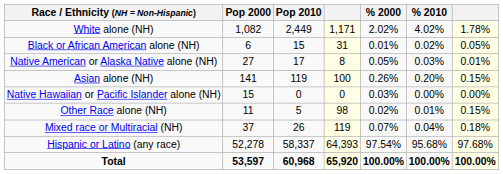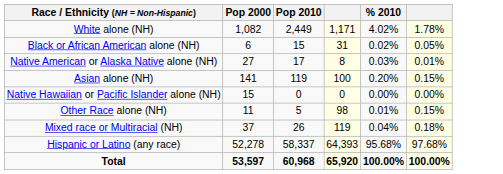 <table class="wikitable" style="text-align:center;">
 <tr>
 <th>Race / Ethnicity <small>(<em>NH = Non-Hispanic</em>)</small></th>
 <th>Pop 2000</th>
 <th>Pop 2010</th>
 <th></th>
-<th>% 2000</th>
 <th>% 2010</th>
 <th></th>
 </tr>
 <tr>
 <td><a href='#'>White</a> alone (NH)</td>
 <td>1,082</td>
 <td>2,449</td>
 <td style='background: #ffffe6;'>1,171</td>
-<td>2.02%</td>
 <td>4.02%</td>
 <td style='background: #ffffe6;'>1.78%</td>
 </tr>
 <tr>
 <td><a href='#'>Black or African American</a> alone (NH)</td>
 <td>6</td>
 <td>15</td>
 <td style='background: #ffffe6;'>31</td>
-<td>0.01%</td>
 <td>0.02%</td>
 <td style='background: #ffffe6;'>0.05%</td>
 </tr>
 <tr>
 <td><a href='#'>Native American</a> or <a href='#'>Alaska Native</a> alone (NH)</td>
 <td>27</td>
 <td>17</td>
 <td style='background: #ffffe6;'>8</td>
-<td>0.05%</td>
 <td>0.03%</td>
 <td style='background: #ffffe6;'>0.01%</td>
 </tr>
 <tr>
 <td><a href='#'>Asian</a> alone (NH)</td>
 <td>141</td>
 <td>119</td>
 <td style='background: #ffffe6;'>100</td>
-<td>0.26%</td>
 <td>0.20%</td>
 <td style='background: #ffffe6;'>0.15%</td>
 </tr>
 <tr>
 <td><a href='#'>Native Hawaiian</a> or <a href='#'>Pacific Islander</a> alone (NH)</td>
 <td>15</td>
 <td>0</td>
 <td style='background: #ffffe6;'>0</td>
-<td>0.03%</td>
 <td>0.00%</td>
 <td style='background: #ffffe6;'>0.00%</td>
 </tr>
 <tr>
 <td><a href='#'>Other Race</a> alone (NH)</td>
 <td>11</td>
 <td>5</td>
 <td style='background: #ffffe6;'>98</td>
-<td>0.02%</td>
 <td>0.01%</td>
 <td style='background: #ffffe6;'>0.15%</td>
 </tr>
 <tr>
 <td><a href='#'>Mixed race or Multiracial</a> (NH)</td>
 <td>37</td>
 <td>26</td>
 <td style='background: #ffffe6;'>119</td>
-<td>0.07%</td>
 <td>0.04%</td>
 <td style='background: #ffffe6;'>0.18%</td>
 </tr>
 <tr>
 <td><a href='#'>Hispanic or Latino</a> (any race)</td>
 <td>52,278</td>
 <td>58,337</td>
 <td style='background: #ffffe6;'>64,393</td>
-<td>97.54%</td>
 <td>95.68%</td>
 <td style='background: #ffffe6;'>97.68%</td>
 </tr>
 <tr>
 <td><strong>Total</strong></td>
 <td><strong>53,597</strong></td>
 <td><strong>60,968</strong></td>
 <td style='background: #ffffe6;'><strong>65,920</strong></td>
 <td><strong>100.00%</strong></td>
-<td><strong>100.00%</strong></td>
 <td style='background: #ffffe6;'><strong>100.00%</strong></td>
 </tr>
 </table>
